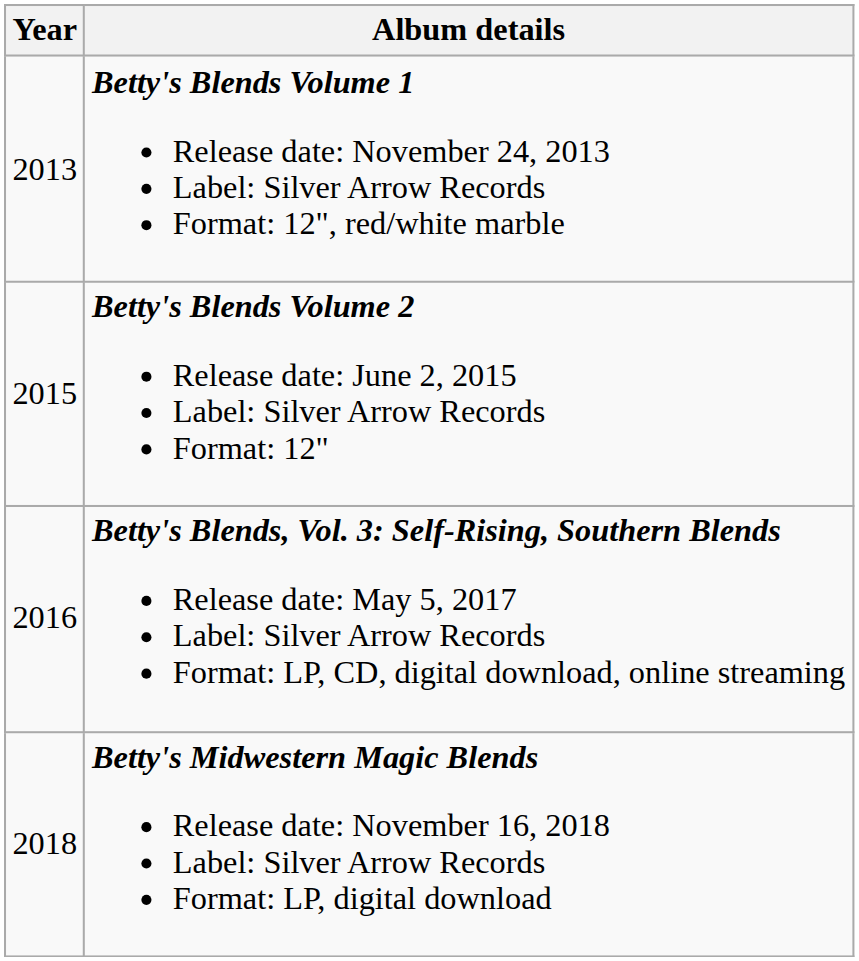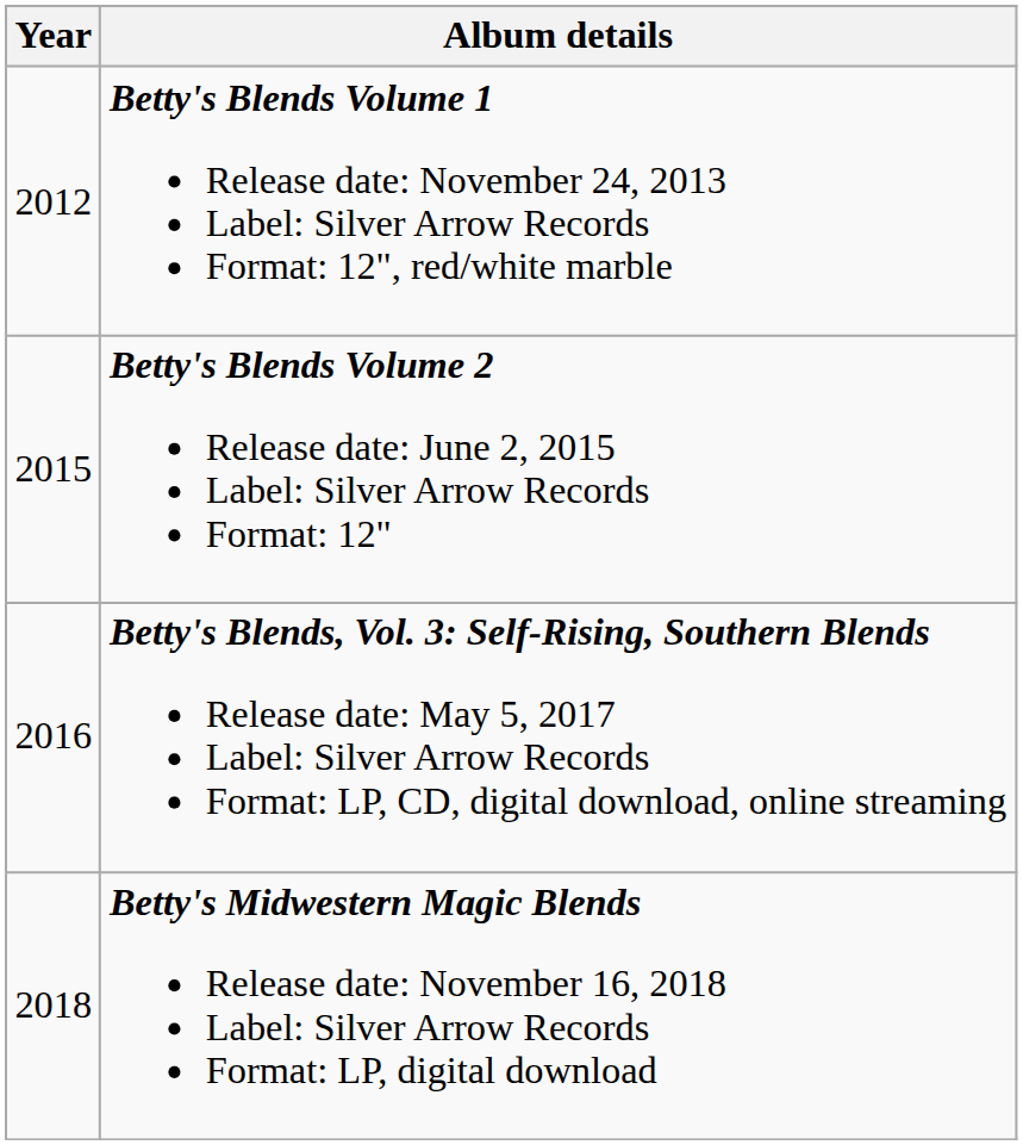 <table class="wikitable" style="text-align: center;">
 <tr>
 <th>Year</th>
 <th>Album details</th>
 </tr>
 <tr>
-<td>2013</td>
+<td>2012</td>
 <td style="text-align:left;"><strong><em>Betty's Blends Volume 1</em></strong><br><ul><li>Release date: November 24, 2013</li><li>Label: Silver Arrow Records</li><li>Format: 12", red/white marble</li></ul></td>
 </tr>
 <tr>
 <td>2015</td>
 <td style="text-align:left;"><strong><em>Betty's Blends Volume 2</em></strong><br><ul><li>Release date: June 2, 2015</li><li>Label: Silver Arrow Records</li><li>Format: 12"</li></ul></td>
 </tr>
 <tr>
 <td>2016</td>
 <td style="text-align:left;"><strong><em>Betty's Blends, Vol. 3: Self-Rising, Southern Blends</em></strong><br><ul><li>Release date: May 5, 2017</li><li>Label: Silver Arrow Records</li><li>Format: LP, CD, digital download, online streaming</li></ul></td>
 </tr>
 <tr>
 <td>2018</td>
 <td style="text-align:left;"><strong><em>Betty's Midwestern Magic Blends</em></strong><br><ul><li>Release date: November 16, 2018</li><li>Label: Silver Arrow Records</li><li>Format: LP, digital download</li></ul></td>
 </tr>
 </table>
